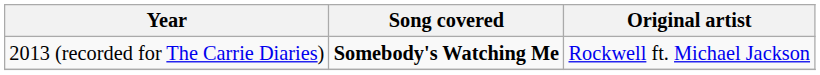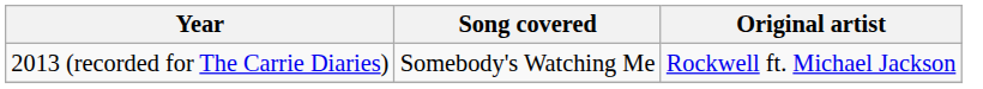 <table class="wikitable">
 <tr>
 <th>Year</th>
 <th>Song covered</th>
 <th>Original artist</th>
 </tr>
 <tr>
 <td>2013 (recorded for <a href='#'>The Carrie Diaries</a>)</td>
-<td><strong>Somebody's Watching Me</strong></td>
+<td>Somebody's Watching Me</td>
 <td><a href='#'>Rockwell</a> ft. <a href='#'>Michael Jackson</a></td>
 </tr>
 <tr>
 </tr>
 </table>
